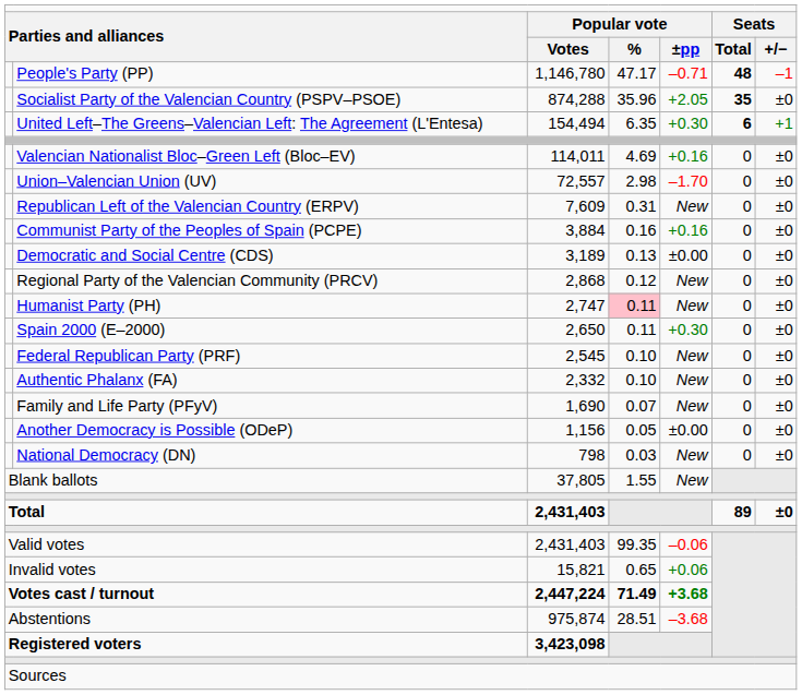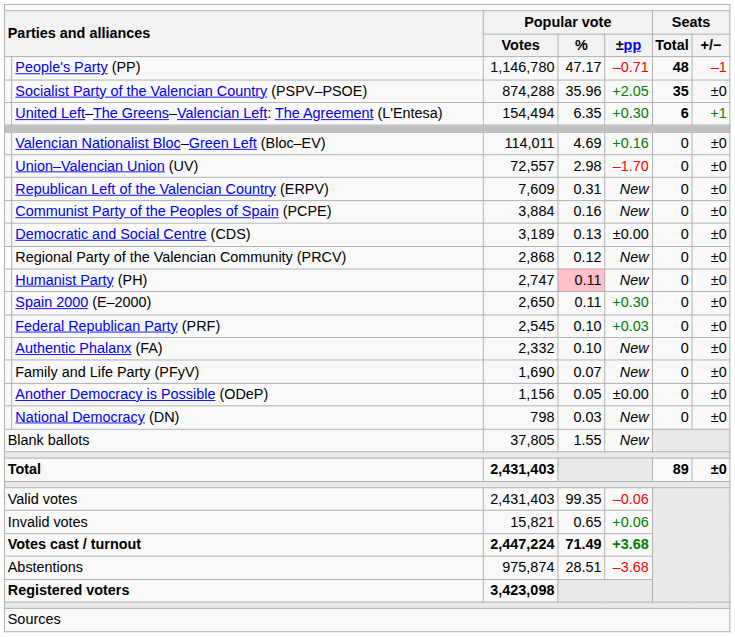 <table class="wikitable" style="text-align:right;">
 <tr>
 <td colspan="7"></td>
 </tr>
 <tr>
 <th style="text-align:left;" rowspan="2" colspan="2" width="525">Parties and alliances</th>
 <th colspan="3">Popular vote</th>
 <th colspan="2">Seats</th>
 </tr>
 <tr>
 <th width="75">Votes</th>
 <th width="45">%</th>
 <th width="45">±<a href='#'>pp</a></th>
 <th width="35">Total</th>
 <th width="35">+/−</th>
 </tr>
 <tr>
 <td width="1" style="color:inherit;background:"></td>
 <td align="left"><a href='#'>People's Party</a> (PP)</td>
 <td>1,146,780</td>
 <td>47.17</td>
 <td style="color:red;">–0.71</td>
 <td><strong>48</strong></td>
 <td style="color:red;">–1</td>
 </tr>
 <tr>
 <td style="color:inherit;background:"></td>
 <td align="left"><a href='#'>Socialist Party of the Valencian Country</a> (PSPV–PSOE)</td>
 <td>874,288</td>
 <td>35.96</td>
 <td style="color:green;">+2.05</td>
 <td><strong>35</strong></td>
 <td>±0</td>
 </tr>
 <tr>
 <td style="color:inherit;background:"></td>
 <td align="left"><a href='#'>United Left</a>–<a href='#'>The Greens</a>–<a href='#'>Valencian Left</a>: <a href='#'>The Agreement</a> (L'Entesa)</td>
 <td>154,494</td>
 <td>6.35</td>
 <td style="color:green;">+0.30</td>
 <td><strong>6</strong></td>
 <td style="color:green;">+1</td>
 </tr>
 <tr>
 <td colspan="7" bgcolor="#C0C0C0"></td>
 </tr>
 <tr>
 <td style="color:inherit;background:"></td>
 <td align="left"><a href='#'>Valencian Nationalist Bloc</a>–<a href='#'>Green Left</a> (Bloc–EV)</td>
 <td>114,011</td>
 <td>4.69</td>
 <td style="color:green;">+0.16</td>
 <td>0</td>
 <td>±0</td>
 </tr>
 <tr>
 <td style="color:inherit;background:"></td>
 <td align="left"><a href='#'>Union–Valencian Union</a> (UV)</td>
 <td>72,557</td>
 <td>2.98</td>
 <td style="color:red;">–1.70</td>
 <td>0</td>
 <td>±0</td>
 </tr>
 <tr>
 <td style="color:inherit;background:"></td>
 <td align="left"><a href='#'>Republican Left of the Valencian Country</a> (ERPV)</td>
 <td>7,609</td>
 <td>0.31</td>
 <td><em>New</em></td>
 <td>0</td>
 <td>±0</td>
 </tr>
 <tr>
 <td style="color:inherit;background:"></td>
 <td align="left"><a href='#'>Communist Party of the Peoples of Spain</a> (PCPE)</td>
 <td>3,884</td>
 <td>0.16</td>
-<td style="color:green;">+0.16</td>
+<td><em>New</em></td>
 <td>0</td>
 <td>±0</td>
 </tr>
 <tr>
 <td style="color:inherit;background:"></td>
 <td align="left"><a href='#'>Democratic and Social Centre</a> (CDS)</td>
 <td>3,189</td>
 <td>0.13</td>
 <td>±0.00</td>
 <td>0</td>
 <td>±0</td>
 </tr>
 <tr>
 <td bgcolor="white"></td>
 <td align="left">Regional Party of the Valencian Community (PRCV)</td>
 <td>2,868</td>
 <td>0.12</td>
 <td><em>New</em></td>
 <td>0</td>
 <td>±0</td>
 </tr>
 <tr>
 <td style="color:inherit;background:"></td>
 <td align="left"><a href='#'>Humanist Party</a> (PH)</td>
 <td>2,747</td>
 <td style="background: pink;">0.11</td>
 <td><em>New</em></td>
 <td>0</td>
 <td>±0</td>
 </tr>
 <tr>
 <td style="color:inherit;background:"></td>
 <td align="left"><a href='#'>Spain 2000</a> (E–2000)</td>
 <td>2,650</td>
 <td>0.11</td>
 <td style="color:green;">+0.30</td>
 <td>0</td>
 <td>±0</td>
 </tr>
 <tr>
 <td style="color:inherit;background:"></td>
 <td align="left"><a href='#'>Federal Republican Party</a> (PRF)</td>
 <td>2,545</td>
 <td>0.10</td>
-<td><em>New</em></td>
+<td style="color:green;">+0.03</td>
 <td>0</td>
 <td>±0</td>
 </tr>
 <tr>
 <td style="color:inherit;background:"></td>
 <td align="left"><a href='#'>Authentic Phalanx</a> (FA)</td>
 <td>2,332</td>
 <td>0.10</td>
 <td><em>New</em></td>
 <td>0</td>
 <td>±0</td>
 </tr>
 <tr>
 <td style="color:inherit;background:"></td>
 <td align="left">Family and Life Party (PFyV)</td>
 <td>1,690</td>
 <td>0.07</td>
 <td><em>New</em></td>
 <td>0</td>
 <td>±0</td>
 </tr>
 <tr>
 <td style="color:inherit;background:"></td>
 <td align="left"><a href='#'>Another Democracy is Possible</a> (ODeP)</td>
 <td>1,156</td>
 <td>0.05</td>
 <td>±0.00</td>
 <td>0</td>
 <td>±0</td>
 </tr>
 <tr>
 <td style="color:inherit;background:"></td>
 <td align="left"><a href='#'>National Democracy</a> (DN)</td>
 <td>798</td>
 <td>0.03</td>
 <td><em>New</em></td>
 <td>0</td>
 <td>±0</td>
 </tr>
 <tr>
 <td align="left" colspan="2">Blank ballots</td>
 <td>37,805</td>
 <td>1.55</td>
 <td><em>New</em></td>
 <td bgcolor="#E9E9E9" colspan="2"></td>
 </tr>
 <tr>
 <td colspan="7" bgcolor="#E9E9E9"></td>
 </tr>
 <tr style="font-weight:bold;">
 <td align="left" colspan="2">Total</td>
 <td>2,431,403</td>
 <td bgcolor="#E9E9E9" colspan="2"></td>
 <td>89</td>
 <td>±0</td>
 </tr>
 <tr>
 <td colspan="7" bgcolor="#E9E9E9"></td>
 </tr>
 <tr>
 <td align="left" colspan="2">Valid votes</td>
 <td>2,431,403</td>
 <td>99.35</td>
 <td style="color:red;">–0.06</td>
 <td bgcolor="#E9E9E9" colspan="2" rowspan="5"></td>
 </tr>
 <tr>
 <td align="left" colspan="2">Invalid votes</td>
 <td>15,821</td>
 <td>0.65</td>
 <td style="color:green;">+0.06</td>
 </tr>
 <tr style="font-weight:bold;">
 <td align="left" colspan="2">Votes cast / turnout</td>
 <td>2,447,224</td>
 <td>71.49</td>
 <td style="color:green;">+3.68</td>
 </tr>
 <tr>
 <td align="left" colspan="2">Abstentions</td>
 <td>975,874</td>
 <td>28.51</td>
 <td style="color:red;">–3.68</td>
 </tr>
 <tr style="font-weight:bold;">
 <td align="left" colspan="2">Registered voters</td>
 <td>3,423,098</td>
 <td bgcolor="#E9E9E9" colspan="2"></td>
 </tr>
 <tr>
 <td colspan="7" bgcolor="#E9E9E9"></td>
 </tr>
 <tr>
 <td align="left" colspan="7">Sources</td>
 </tr>
 </table>
